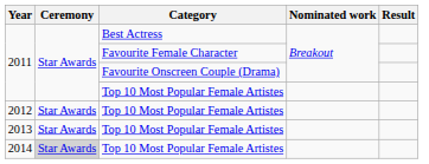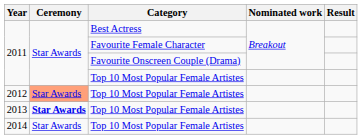 <table class="wikitable sortable">
 <tr>
 <th>Year</th>
 <th>Ceremony</th>
 <th>Category</th>
 <th>Nominated work</th>
 <th>Result</th>
 </tr>
 <tr>
 <td rowspan="4">2011</td>
 <td rowspan="4"><a href='#'>Star Awards</a></td>
 <td><a href='#'>Best Actress</a></td>
 <td rowspan="3"><em><a href='#'>Breakout</a></em><br></td>
 <td></td>
 </tr>
 <tr>
 <td><a href='#'>Favourite Female Character</a></td>
 <td></td>
 </tr>
 <tr>
 <td><a href='#'>Favourite Onscreen Couple (Drama)</a></td>
 <td></td>
 </tr>
 <tr>
 <td><a href='#'>Top 10 Most Popular Female Artistes</a></td>
 <td></td>
 <td></td>
 </tr>
 <tr>
 <td>2012</td>
-<td><a href='#'>Star Awards</a></td>
+<td style="background: lightsalmon;"><a href='#'>Star Awards</a></td>
 <td><a href='#'>Top 10 Most Popular Female Artistes</a></td>
 <td></td>
 <td></td>
 </tr>
 <tr>
 <td>2013</td>
-<td><a href='#'>Star Awards</a></td>
+<td><strong><a href='#'>Star Awards</a></strong></td>
 <td><a href='#'>Top 10 Most Popular Female Artistes</a></td>
 <td></td>
 <td></td>
 </tr>
 <tr>
 <td>2014</td>
-<td style="background: lightgrey;"><a href='#'>Star Awards</a></td>
+<td><a href='#'>Star Awards</a></td>
 <td><a href='#'>Top 10 Most Popular Female Artistes</a></td>
 <td></td>
 <td></td>
 </tr>
 </table>
